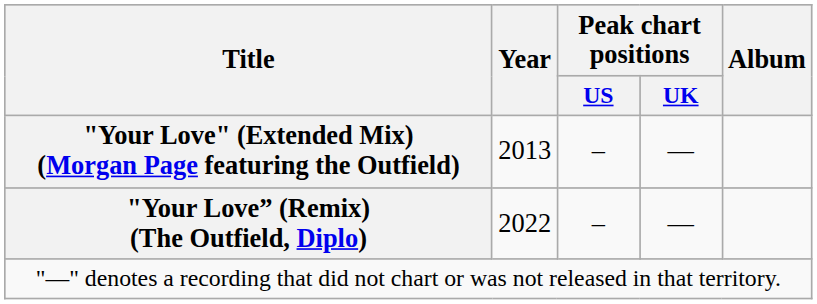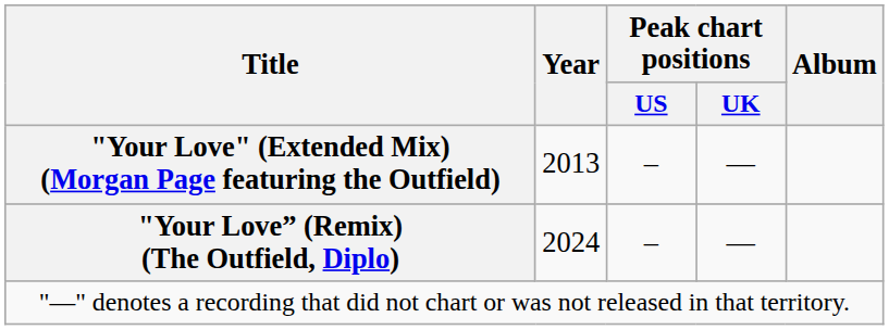 <table class="wikitable plainrowheaders" style="text-align:center;">
 <tr>
 <th scope="col" rowspan="2" style="width:18em;">Title</th>
 <th scope="col" rowspan="2">Year</th>
 <th scope="col" colspan="2">Peak chart positions</th>
 <th scope="col" rowspan="2">Album</th>
 </tr>
 <tr>
 <th style="width:3em;font-size:90%"><a href='#'>US</a><br></th>
 <th style="width:3em;font-size:90%"><a href='#'>UK</a><br></th>
 </tr>
 <tr>
 <th scope="row">"Your Love" (Extended Mix)<br><span>(<a href='#'>Morgan Page</a> featuring the Outfield)</span></th>
 <td>2013</td>
 <td>–</td>
 <td>—</td>
 <td></td>
 </tr>
 <tr>
 <th scope="row">"Your Love” (Remix) <br><span>(The Outfield, <a href='#'>Diplo</a>)</span></th>
-<td>2022</td>
+<td>2024</td>
 <td>–</td>
 <td>—</td>
 <td></td>
 </tr>
 <tr>
 <td colspan="6" style="font-size:90%">"—" denotes a recording that did not chart or was not released in that territory.</td>
 </tr>
 </table>
